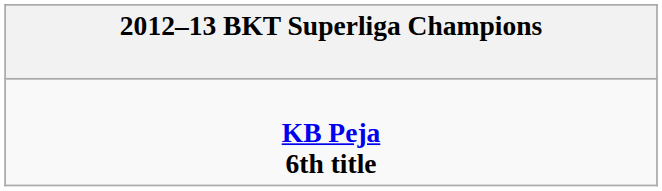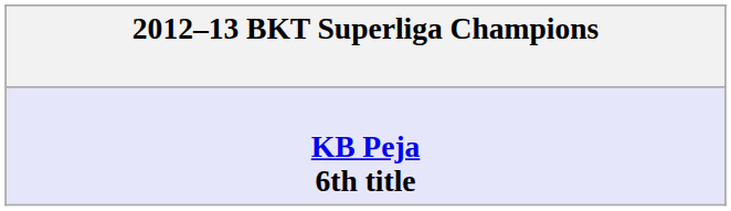 <table class="wikitable" style="margin: 0 auto; width: 30%;">
 <tr>
 <th>2012–13 BKT Superliga Champions<br><br></th>
 </tr>
 <tr>
-<td align=center><br><strong><a href='#'>KB Peja</a></strong><br><strong>6th title</strong></td>
+<td align=center style="background: lavender;"><br><strong><a href='#'>KB Peja</a></strong><br><strong>6th title</strong></td>
 </tr>
 </table>
